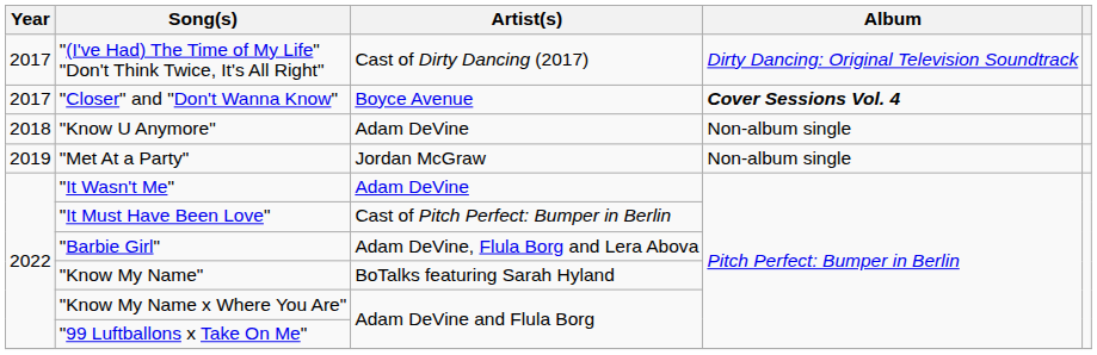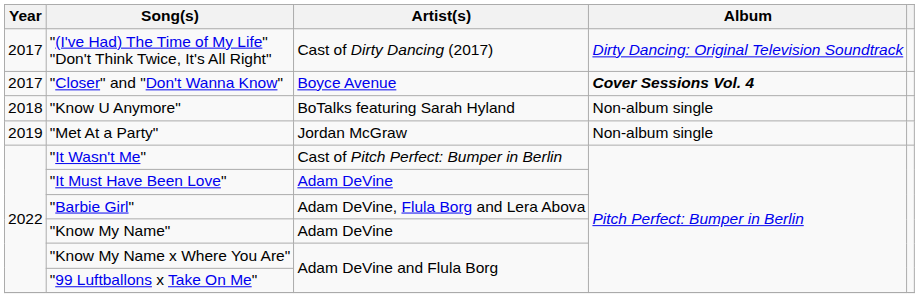 <table class="wikitable unsortable">
 <tr>
 <th scope="col">Year</th>
 <th scope="col">Song(s)</th>
 <th scope="col">Artist(s)</th>
 <th scope="col">Album</th>
 <th scope="col" class="unsortable"></th>
 </tr>
 <tr>
 <td>2017</td>
 <td>"<a href='#'>(I've Had) The Time of My Life</a>" <br> "Don't Think Twice, It's All Right"</td>
 <td>Cast of <em>Dirty Dancing</em> (2017)</td>
 <td><em><a href='#'>Dirty Dancing: Original Television Soundtrack</a></em></td>
 <td style="text-align:center;"></td>
 </tr>
 <tr>
 <td>2017</td>
 <td>"<a href='#'>Closer</a>" and "<a href='#'>Don't Wanna Know</a>"</td>
 <td><a href='#'>Boyce Avenue</a></td>
 <td><strong><em>Cover Sessions Vol. 4</em></strong></td>
 <td style="text-align:center;"></td>
 </tr>
 <tr>
 <td>2018</td>
 <td>"Know U Anymore"</td>
-<td>Adam DeVine</td>
+<td>BoTalks featuring Sarah Hyland</td>
 <td>Non-album single</td>
 <td></td>
 </tr>
 <tr>
 <td>2019</td>
 <td>"Met At a Party"</td>
 <td>Jordan McGraw</td>
 <td>Non-album single</td>
 <td style="text-aling:center;"></td>
 </tr>
 <tr>
 <td rowspan="6">2022</td>
 <td>"<a href='#'>It Wasn't Me</a>"</td>
-<td><a href='#'>Adam DeVine</a></td>
+<td>Cast of <em>Pitch Perfect: Bumper in Berlin</em></td>
 <td rowspan="6"><em><a href='#'>Pitch Perfect: Bumper in Berlin</a></em></td>
 <td rowspan="6" style="text-aling:center;"></td>
 </tr>
 <tr>
 <td>"<a href='#'>It Must Have Been Love</a>"</td>
-<td>Cast of <em>Pitch Perfect: Bumper in Berlin</em></td>
+<td><a href='#'>Adam DeVine</a></td>
 </tr>
 <tr>
 <td>"<a href='#'>Barbie Girl</a>"</td>
 <td>Adam DeVine, <a href='#'>Flula Borg</a> and Lera Abova</td>
 </tr>
 <tr>
 <td>"Know My Name" </td>
-<td>BoTalks featuring Sarah Hyland</td>
+<td>Adam DeVine</td>
 </tr>
 <tr>
 <td>"Know My Name x Where You Are"</td>
 <td rowspan="2">Adam DeVine and Flula Borg</td>
 </tr>
 <tr>
 <td>"<a href='#'>99 Luftballons</a> x <a href='#'>Take On Me</a>" </td>
 </tr>
 <tr>
 </tr>
 </table>
